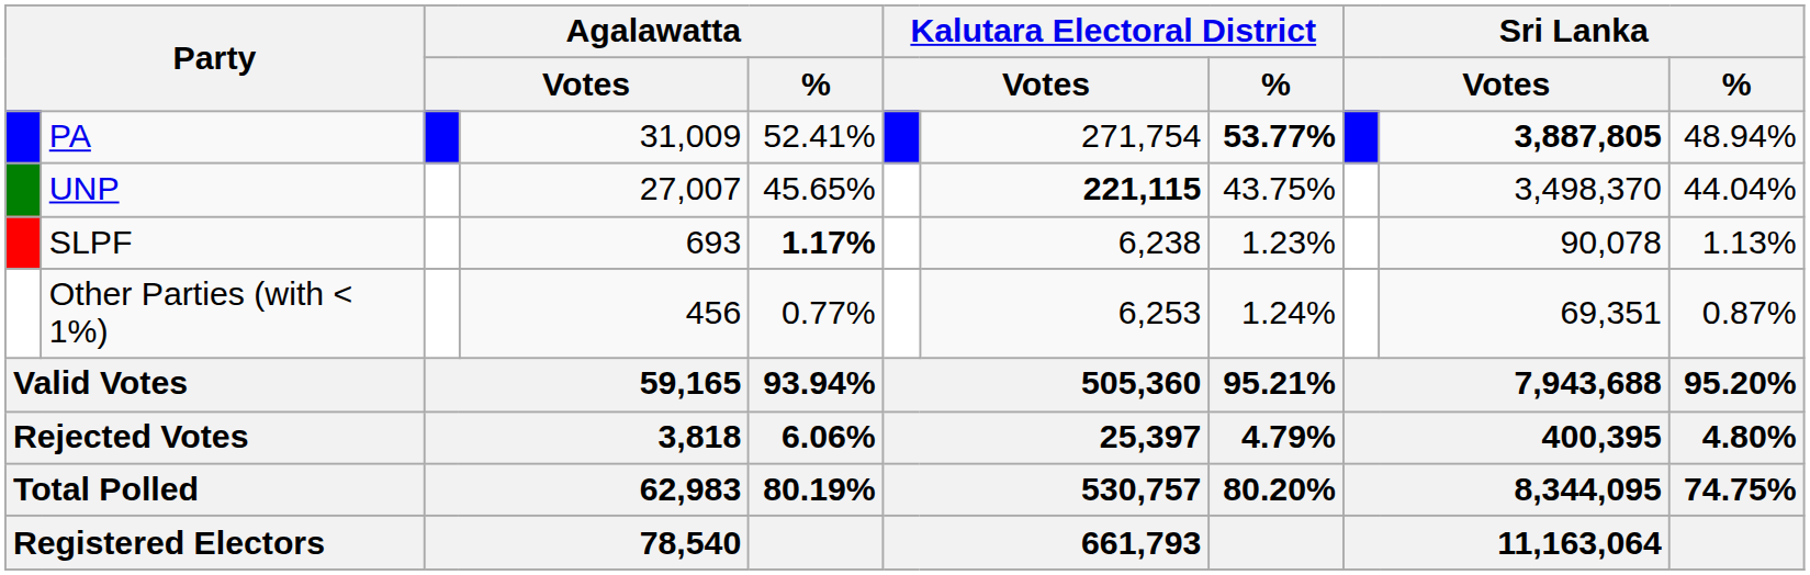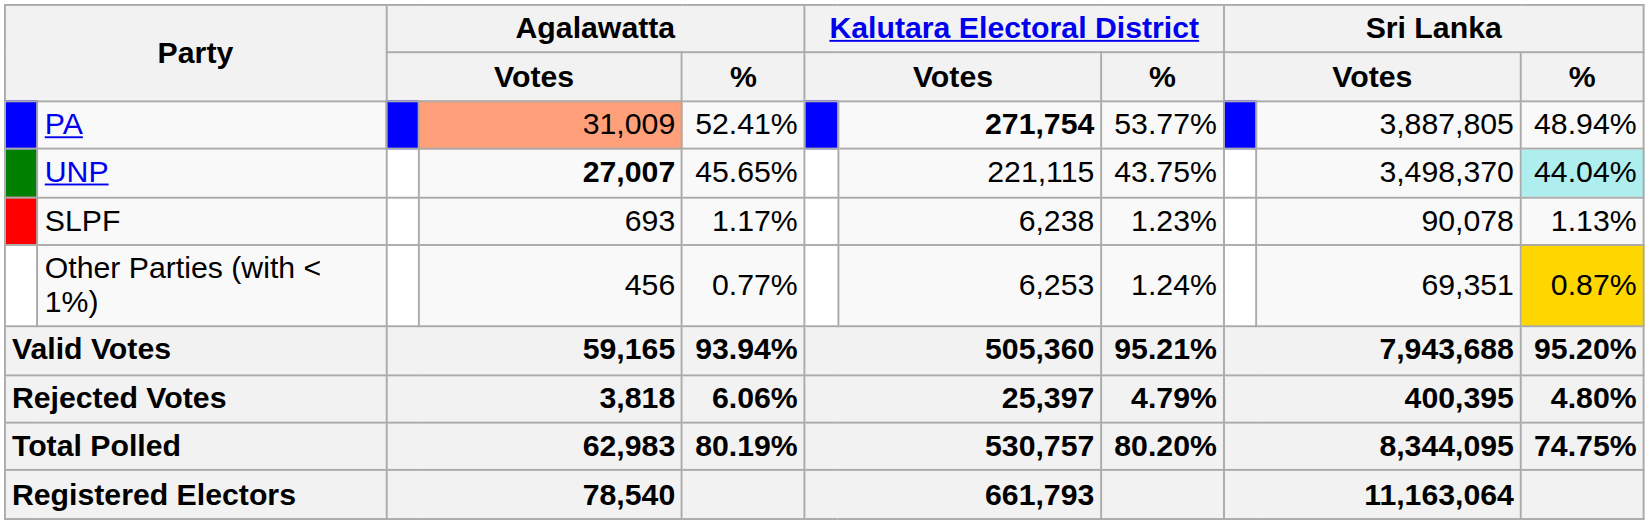 <table class="wikitable">
 <tr>
 <th colspan="2" width="144px"rowspan="2">Party</th>
 <th colspan="3" width="216px">Agalawatta</th>
 <th colspan="3" width="216px"><a href='#'>Kalutara Electoral District</a></th>
 <th colspan="3" width="216px">Sri Lanka</th>
 </tr>
 <tr>
 <th colspan="2" width="144px">Votes</th>
 <th>%</th>
 <th colspan="2" width="144px">Votes</th>
 <th>%</th>
 <th colspan="2" width="144px">Votes</th>
 <th>%</th>
 </tr>
 <tr>
 <td style="background-color:blue;" width="10px"></td>
 <td style="text-align:left;"><a href='#'>PA</a></td>
 <td style="background-color:blue;" width="10px"></td>
-<td style="text-align:right;">31,009</td>
+<td style="background: lightsalmon; text-align:right;">31,009</td>
 <td style="text-align:right;">52.41%</td>
 <td style="background-color:blue;" width="10px"></td>
-<td style="text-align:right;">271,754</td>
-<td style="text-align:right;"><strong>53.77%</strong></td>
+<td style="text-align:right;"><strong>271,754</strong></td>
+<td style="text-align:right;">53.77%</td>
 <td style="background-color:blue;" width="10px"></td>
-<td style="text-align:right;"><strong>3,887,805</strong></td>
+<td style="text-align:right;">3,887,805</td>
 <td style="text-align:right;">48.94%</td>
 </tr>
 <tr>
 <td style="background-color:green;" width="10px"></td>
 <td style="text-align:left;"><a href='#'>UNP</a></td>
 <td style="background-color:white;" width="10px"></td>
-<td style="text-align:right;">27,007</td>
+<td style="text-align:right;"><strong>27,007</strong></td>
 <td style="text-align:right;">45.65%</td>
 <td style="background-color:white;" width="10px"></td>
-<td style="text-align:right;"><strong>221,115</strong></td>
+<td style="text-align:right;">221,115</td>
 <td style="text-align:right;">43.75%</td>
 <td style="background-color:white;" width="10px"></td>
 <td style="text-align:right;">3,498,370</td>
-<td style="text-align:right;">44.04%</td>
+<td style="background: paleturquoise; text-align:right;">44.04%</td>
 </tr>
 <tr>
 <td style="background-color:red;" width="10px"></td>
 <td style="text-align:left;">SLPF</td>
 <td style="background-color:white;" width="10px"></td>
 <td style="text-align:right;">693</td>
-<td style="text-align:right;"><strong>1.17%</strong></td>
+<td style="text-align:right;">1.17%</td>
 <td style="background-color:white;" width="10px"></td>
 <td style="text-align:right;">6,238</td>
 <td style="text-align:right;">1.23%</td>
 <td style="background-color:white;" width="10px"></td>
 <td style="text-align:right;">90,078</td>
 <td style="text-align:right;">1.13%</td>
 </tr>
 <tr>
 <td style="background-color:white;" width="10px"></td>
 <td style="text-align:left;">Other Parties (with < 1%)</td>
 <td style="background-color:white;" width="10px"></td>
 <td style="text-align:right;">456</td>
 <td style="text-align:right;">0.77%</td>
 <td style="background-color:white;" width="10px"></td>
 <td style="text-align:right;">6,253</td>
 <td style="text-align:right;">1.24%</td>
 <td style="background-color:white;" width="10px"></td>
 <td style="text-align:right;">69,351</td>
-<td style="text-align:right;">0.87%</td>
+<td style="background: gold; text-align:right;">0.87%</td>
 </tr>
 <tr>
 <th colspan="2" width="144px"style="text-align:left;">Valid Votes</th>
 <th style="text-align:right;"colspan="2" width="144px">59,165</th>
 <th style="text-align:right;">93.94%</th>
 <th style="text-align:right;"colspan="2" width="144px">505,360</th>
 <th style="text-align:right;">95.21%</th>
 <th style="text-align:right;"colspan="2" width="144px">7,943,688</th>
 <th style="text-align:right;">95.20%</th>
 </tr>
 <tr>
 <th colspan="2" width="144px"style="text-align:left;">Rejected Votes</th>
 <th style="text-align:right;"colspan="2" width="144px">3,818</th>
 <th style="text-align:right;">6.06%</th>
 <th style="text-align:right;"colspan="2" width="144px">25,397</th>
 <th style="text-align:right;">4.79%</th>
 <th style="text-align:right;"colspan="2" width="144px">400,395</th>
 <th style="text-align:right;">4.80%</th>
 </tr>
 <tr>
 <th colspan="2" width="144px"style="text-align:left;">Total Polled</th>
 <th style="text-align:right;"colspan="2" width="144px">62,983</th>
 <th style="text-align:right;">80.19%</th>
 <th style="text-align:right;"colspan="2" width="144px">530,757</th>
 <th style="text-align:right;">80.20%</th>
 <th style="text-align:right;"colspan="2" width="144px">8,344,095</th>
 <th style="text-align:right;">74.75%</th>
 </tr>
 <tr>
 <th colspan="2" width="144px"style="text-align:left;">Registered Electors</th>
 <th style="text-align:right;"colspan="2" width="144px">78,540</th>
 <th></th>
 <th style="text-align:right;"colspan="2" width="144px">661,793</th>
 <th></th>
 <th style="text-align:right;"colspan="2" width="144px">11,163,064</th>
 <th></th>
 </tr>
 </table>
